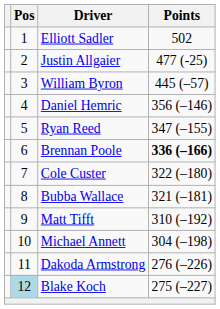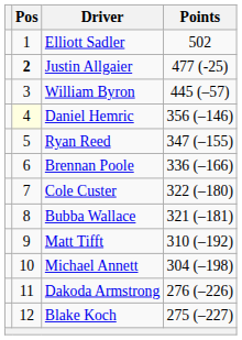 <table class="wikitable" style="font-size: 95%;">
 <tr>
 <th></th>
 <th>Pos</th>
 <th>Driver</th>
 <th>Points</th>
 </tr>
 <tr>
 <td align="left"></td>
 <td style="text-align:center;">1</td>
 <td><a href='#'>Elliott Sadler</a></td>
 <td style="text-align:center;">502</td>
 </tr>
 <tr>
 <td align="left"></td>
-<td style="text-align:center;">2</td>
+<td style="text-align:center;"><strong>2</strong></td>
 <td><a href='#'>Justin Allgaier</a></td>
 <td style="text-align:center;">477 (-25)</td>
 </tr>
 <tr>
 <td align="left"></td>
 <td style="text-align:center;">3</td>
 <td><a href='#'>William Byron</a></td>
 <td style="text-align:center;">445 (–57)</td>
 </tr>
 <tr>
 <td align="left"></td>
-<td style="text-align:center;">4</td>
+<td style="background: lightyellow; text-align:center;">4</td>
 <td><a href='#'>Daniel Hemric</a></td>
 <td style="text-align:center;">356 (–146)</td>
 </tr>
 <tr>
 <td align="left"></td>
 <td style="text-align:center;">5</td>
 <td><a href='#'>Ryan Reed</a></td>
 <td style="text-align:center;">347 (–155)</td>
 </tr>
 <tr>
 <td align="left"></td>
 <td style="text-align:center;">6</td>
 <td><a href='#'>Brennan Poole</a></td>
-<td style="text-align:center;"><strong>336 (–166)</strong></td>
+<td style="text-align:center;">336 (–166)</td>
 </tr>
 <tr>
 <td align="left"></td>
 <td style="text-align:center;">7</td>
 <td><a href='#'>Cole Custer</a></td>
 <td style="text-align:center;">322 (–180)</td>
 </tr>
 <tr>
 <td align="left"></td>
 <td style="text-align:center;">8</td>
 <td><a href='#'>Bubba Wallace</a></td>
 <td style="text-align:center;">321 (–181)</td>
 </tr>
 <tr>
 <td align="left"></td>
 <td style="text-align:center;">9</td>
 <td><a href='#'>Matt Tifft</a></td>
 <td style="text-align:center;">310 (–192)</td>
 </tr>
 <tr>
 <td align="left"></td>
 <td style="text-align:center;">10</td>
 <td><a href='#'>Michael Annett</a></td>
 <td style="text-align:center;">304 (–198)</td>
 </tr>
 <tr>
 <td align="left"></td>
 <td style="text-align:center;">11</td>
 <td><a href='#'>Dakoda Armstrong</a></td>
 <td style="text-align:center;">276 (–226)</td>
 </tr>
 <tr>
 <td align="left"></td>
-<td style="background: lightblue; text-align:center;">12</td>
+<td style="text-align:center;">12</td>
 <td><a href='#'>Blake Koch</a></td>
 <td style="text-align:center;">275 (–227)</td>
 </tr>
 <tr class="sortbottom">
 <th colspan="9"></th>
 </tr>
 </table>
